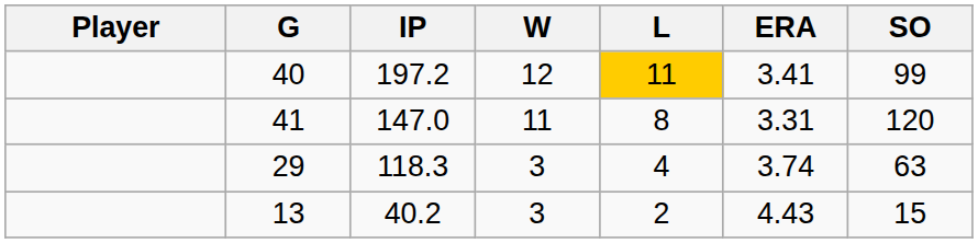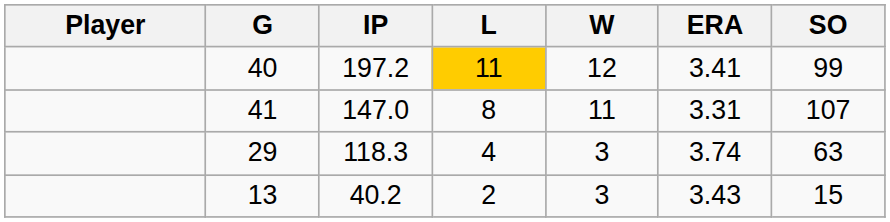 <table class="wikitable sortable">
 <tr>
 <th bgcolor="#DDDDFF" width="16%">Player</th>
 <th bgcolor="#DDDDFF" width="9%">G</th>
 <th bgcolor="#DDDDFF" width="9%">IP</th>
+<th bgcolor="#DDDDFF" width="9%">L</th>
 <th bgcolor="#DDDDFF" width="9%">W</th>
-<th bgcolor="#DDDDFF" width="9%">L</th>
 <th bgcolor="#DDDDFF" width="9%">ERA</th>
 <th bgcolor="#DDDDFF" width="9%">SO</th>
 </tr>
 <tr align="center">
 <td></td>
 <td>40</td>
 <td>197.2</td>
+<td style="background:#fc0;">11</td>
 <td>12</td>
-<td style="background:#fc0;">11</td>
 <td>3.41</td>
 <td>99</td>
 </tr>
 <tr align="center">
 <td></td>
 <td>41</td>
 <td>147.0</td>
+<td>8</td>
 <td>11</td>
-<td>8</td>
 <td>3.31</td>
-<td>120</td>
+<td>107</td>
 </tr>
 <tr align="center">
 <td></td>
 <td>29</td>
 <td>118.3</td>
+<td>4</td>
 <td>3</td>
-<td>4</td>
 <td>3.74</td>
 <td>63</td>
 </tr>
 <tr align="center">
 <td></td>
 <td>13</td>
 <td>40.2</td>
+<td>2</td>
 <td>3</td>
-<td>2</td>
-<td>4.43</td>
+<td>3.43</td>
 <td>15</td>
 </tr>
 </table>
